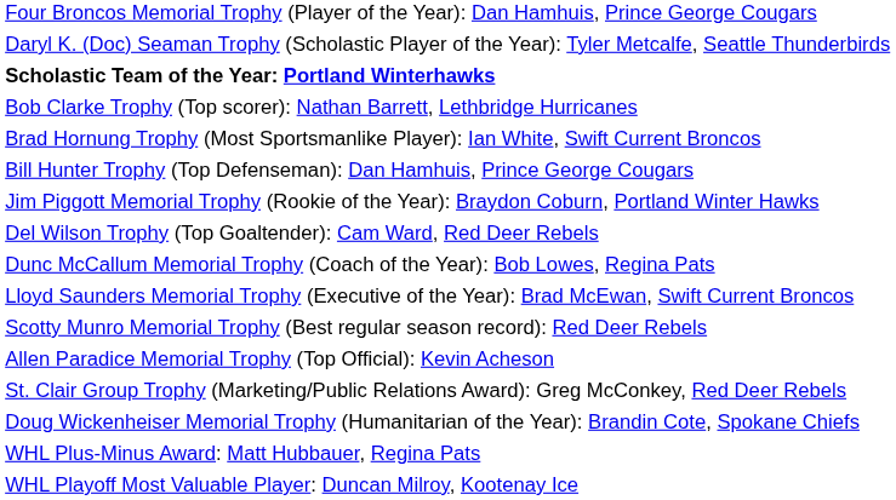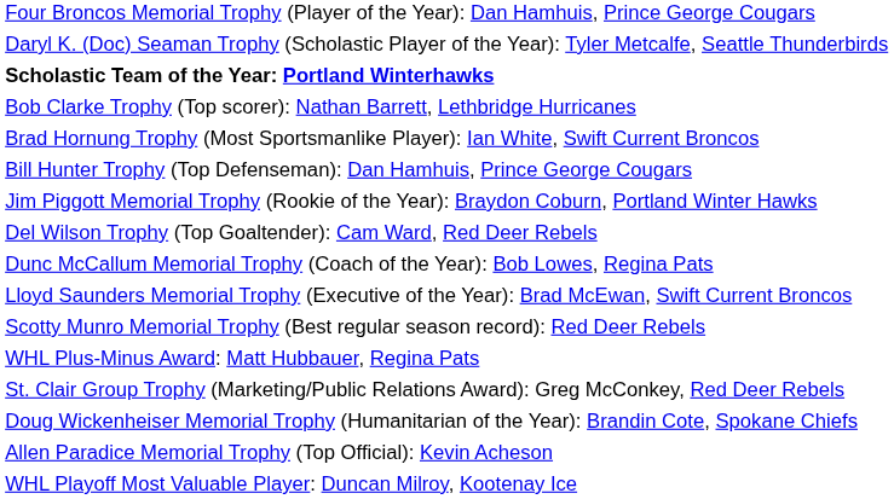 <table cellpadding="3" cellspacing="1">
 <tr>
 <td><a href='#'>Four Broncos Memorial Trophy</a> (Player of the Year): <a href='#'>Dan Hamhuis</a>, <a href='#'>Prince George Cougars</a></td>
 </tr>
 <tr>
 <td><a href='#'>Daryl K. (Doc) Seaman Trophy</a> (Scholastic Player of the Year): <a href='#'>Tyler Metcalfe</a>, <a href='#'>Seattle Thunderbirds</a></td>
 </tr>
 <tr>
 <td><strong>Scholastic Team of the Year: <a href='#'>Portland Winterhawks</a></strong></td>
 </tr>
 <tr>
 <td><a href='#'>Bob Clarke Trophy</a> (Top scorer): <a href='#'>Nathan Barrett</a>, <a href='#'>Lethbridge Hurricanes</a></td>
 </tr>
 <tr>
 <td><a href='#'>Brad Hornung Trophy</a> (Most Sportsmanlike Player): <a href='#'>Ian White</a>, <a href='#'>Swift Current Broncos</a></td>
 </tr>
 <tr>
 <td><a href='#'>Bill Hunter Trophy</a> (Top Defenseman): <a href='#'>Dan Hamhuis</a>, <a href='#'>Prince George Cougars</a></td>
 </tr>
 <tr>
 <td><a href='#'>Jim Piggott Memorial Trophy</a> (Rookie of the Year): <a href='#'>Braydon Coburn</a>, <a href='#'>Portland Winter Hawks</a></td>
 </tr>
 <tr>
 <td><a href='#'>Del Wilson Trophy</a> (Top Goaltender): <a href='#'>Cam Ward</a>, <a href='#'>Red Deer Rebels</a></td>
 </tr>
 <tr>
 <td><a href='#'>Dunc McCallum Memorial Trophy</a> (Coach of the Year): <a href='#'>Bob Lowes</a>, <a href='#'>Regina Pats</a></td>
 </tr>
 <tr>
 <td><a href='#'>Lloyd Saunders Memorial Trophy</a> (Executive of the Year): <a href='#'>Brad McEwan</a>, <a href='#'>Swift Current Broncos</a></td>
 </tr>
 <tr>
 <td><a href='#'>Scotty Munro Memorial Trophy</a> (Best regular season record): <a href='#'>Red Deer Rebels</a></td>
 </tr>
 <tr>
-<td><a href='#'>Allen Paradice Memorial Trophy</a> (Top Official): <a href='#'>Kevin Acheson</a></td>
+<td><a href='#'>WHL Plus-Minus Award</a>: <a href='#'>Matt Hubbauer</a>, <a href='#'>Regina Pats</a></td>
 </tr>
 <tr>
 <td><a href='#'>St. Clair Group Trophy</a> (Marketing/Public Relations Award): Greg McConkey, <a href='#'>Red Deer Rebels</a></td>
 </tr>
 <tr>
 <td><a href='#'>Doug Wickenheiser Memorial Trophy</a> (Humanitarian of the Year): <a href='#'>Brandin Cote</a>, <a href='#'>Spokane Chiefs</a></td>
 </tr>
 <tr>
-<td><a href='#'>WHL Plus-Minus Award</a>: <a href='#'>Matt Hubbauer</a>, <a href='#'>Regina Pats</a></td>
+<td><a href='#'>Allen Paradice Memorial Trophy</a> (Top Official): <a href='#'>Kevin Acheson</a></td>
 </tr>
 <tr>
 <td><a href='#'>WHL Playoff Most Valuable Player</a>: <a href='#'>Duncan Milroy</a>, <a href='#'>Kootenay Ice</a></td>
 </tr>
 </table>
